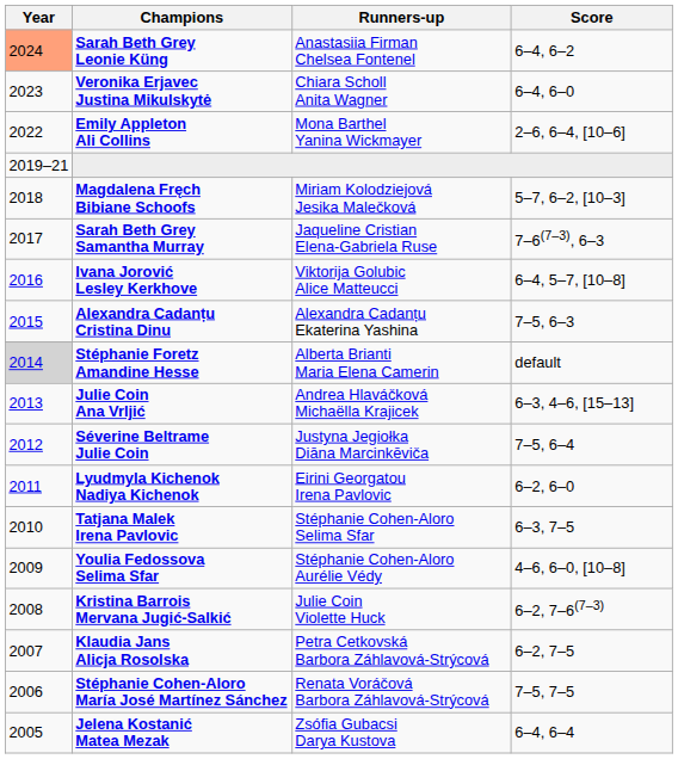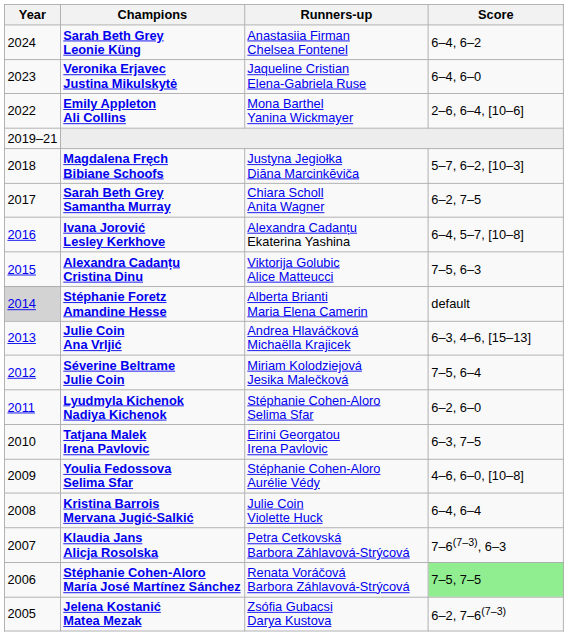 <table class="wikitable" style="font-size:90%">
 <tr>
 <th>Year</th>
 <th width="200">Champions</th>
 <th width="200">Runners-up</th>
 <th width="145">Score</th>
 </tr>
 <tr>
-<td style="background: lightsalmon;">2024</td>
+<td>2024</td>
 <td><strong> <a href='#'>Sarah Beth Grey</a> <br>  <a href='#'>Leonie Küng</a></strong></td>
 <td> <a href='#'>Anastasiia Firman</a><br>  <a href='#'>Chelsea Fontenel</a></td>
 <td>6–4, 6–2</td>
 </tr>
 <tr>
 <td>2023</td>
 <td><strong> <a href='#'>Veronika Erjavec</a> <br>  <a href='#'>Justina Mikulskytė</a></strong></td>
-<td> <a href='#'>Chiara Scholl</a><br>  <a href='#'>Anita Wagner</a></td>
+<td> <a href='#'>Jaqueline Cristian</a> <br>  <a href='#'>Elena-Gabriela Ruse</a></td>
 <td>6–4, 6–0</td>
 </tr>
 <tr>
 <td>2022</td>
 <td> <strong><a href='#'>Emily Appleton</a></strong> <br>  <strong><a href='#'>Ali Collins</a></strong></td>
 <td> <a href='#'>Mona Barthel</a> <br>  <a href='#'>Yanina Wickmayer</a></td>
 <td>2–6, 6–4, [10–6]</td>
 </tr>
 <tr>
 <td>2019–21</td>
 <td colspan=3 bgcolor="#ededed"></td>
 </tr>
 <tr>
 <td>2018</td>
 <td> <strong><a href='#'>Magdalena Fręch</a></strong> <br>  <strong><a href='#'>Bibiane Schoofs</a></strong></td>
-<td> <a href='#'>Miriam Kolodziejová</a> <br>  <a href='#'>Jesika Malečková</a></td>
+<td> <a href='#'>Justyna Jegiołka</a> <br>  <a href='#'>Diāna Marcinkēviča</a></td>
 <td>5–7, 6–2, [10–3]</td>
 </tr>
 <tr>
 <td>2017</td>
 <td> <strong><a href='#'>Sarah Beth Grey</a></strong> <br>  <strong><a href='#'>Samantha Murray</a></strong></td>
-<td> <a href='#'>Jaqueline Cristian</a> <br>  <a href='#'>Elena-Gabriela Ruse</a></td>
-<td>7–6<sup>(7–3)</sup>, 6–3</td>
+<td> <a href='#'>Chiara Scholl</a><br>  <a href='#'>Anita Wagner</a></td>
+<td>6–2, 7–5</td>
 </tr>
 <tr>
 <td><a href='#'>2016</a></td>
 <td> <strong><a href='#'>Ivana Jorović</a></strong> <br>  <strong><a href='#'>Lesley Kerkhove</a></strong></td>
-<td> <a href='#'>Viktorija Golubic</a> <br>  <a href='#'>Alice Matteucci</a></td>
+<td> <a href='#'>Alexandra Cadanțu</a> <br>  Ekaterina Yashina</td>
 <td>6–4, 5–7, [10–8]</td>
 </tr>
 <tr>
 <td><a href='#'>2015</a></td>
 <td> <strong><a href='#'>Alexandra Cadanțu</a></strong> <br>  <strong><a href='#'>Cristina Dinu</a></strong></td>
-<td> <a href='#'>Alexandra Cadanțu</a> <br>  Ekaterina Yashina</td>
+<td> <a href='#'>Viktorija Golubic</a> <br>  <a href='#'>Alice Matteucci</a></td>
 <td>7–5, 6–3</td>
 </tr>
 <tr>
 <td style="background: lightgrey;"><a href='#'>2014</a></td>
 <td> <strong><a href='#'>Stéphanie Foretz</a></strong> <br>  <strong><a href='#'>Amandine Hesse</a></strong></td>
 <td> <a href='#'>Alberta Brianti</a> <br>  <a href='#'>Maria Elena Camerin</a></td>
 <td>default</td>
 </tr>
 <tr>
 <td><a href='#'>2013</a></td>
 <td> <strong><a href='#'>Julie Coin</a></strong> <br>  <strong><a href='#'>Ana Vrljić</a></strong></td>
 <td> <a href='#'>Andrea Hlaváčková</a> <br>  <a href='#'>Michaëlla Krajicek</a></td>
 <td>6–3, 4–6, [15–13]</td>
 </tr>
 <tr>
 <td><a href='#'>2012</a></td>
 <td> <strong><a href='#'>Séverine Beltrame</a></strong> <br>  <strong><a href='#'>Julie Coin</a></strong></td>
-<td> <a href='#'>Justyna Jegiołka</a> <br>  <a href='#'>Diāna Marcinkēviča</a></td>
+<td> <a href='#'>Miriam Kolodziejová</a> <br>  <a href='#'>Jesika Malečková</a></td>
 <td>7–5, 6–4</td>
 </tr>
 <tr>
 <td><a href='#'>2011</a></td>
 <td> <strong><a href='#'>Lyudmyla Kichenok</a> <br>  <a href='#'>Nadiya Kichenok</a></strong></td>
-<td> <a href='#'>Eirini Georgatou</a> <br>  <a href='#'>Irena Pavlovic</a></td>
+<td> <a href='#'>Stéphanie Cohen-Aloro</a> <br>  <a href='#'>Selima Sfar</a></td>
 <td>6–2, 6–0</td>
 </tr>
 <tr>
 <td>2010</td>
 <td> <strong><a href='#'>Tatjana Malek</a> <br>  <a href='#'>Irena Pavlovic</a></strong></td>
-<td> <a href='#'>Stéphanie Cohen-Aloro</a> <br>  <a href='#'>Selima Sfar</a></td>
+<td> <a href='#'>Eirini Georgatou</a> <br>  <a href='#'>Irena Pavlovic</a></td>
 <td>6–3, 7–5</td>
 </tr>
 <tr>
 <td>2009</td>
 <td> <strong><a href='#'>Youlia Fedossova</a> <br>  <a href='#'>Selima Sfar</a></strong></td>
 <td> <a href='#'>Stéphanie Cohen-Aloro</a> <br>  <a href='#'>Aurélie Védy</a></td>
 <td>4–6, 6–0, [10–8]</td>
 </tr>
 <tr>
 <td>2008</td>
 <td> <strong><a href='#'>Kristina Barrois</a> <br>  <a href='#'>Mervana Jugić-Salkić</a></strong></td>
 <td> <a href='#'>Julie Coin</a> <br>  <a href='#'>Violette Huck</a></td>
-<td>6–2, 7–6<sup>(7–3)</sup></td>
+<td>6–4, 6–4</td>
 </tr>
 <tr>
 <td>2007</td>
 <td> <strong><a href='#'>Klaudia Jans</a> <br>  <a href='#'>Alicja Rosolska</a></strong></td>
 <td> <a href='#'>Petra Cetkovská</a> <br>  <a href='#'>Barbora Záhlavová-Strýcová</a></td>
-<td>6–2, 7–5</td>
+<td>7–6<sup>(7–3)</sup>, 6–3</td>
 </tr>
 <tr>
 <td>2006</td>
 <td> <strong><a href='#'>Stéphanie Cohen-Aloro</a> <br>  <a href='#'>María José Martínez Sánchez</a></strong></td>
 <td> <a href='#'>Renata Voráčová</a> <br>  <a href='#'>Barbora Záhlavová-Strýcová</a></td>
-<td>7–5, 7–5</td>
+<td style="background: lightgreen;">7–5, 7–5</td>
 </tr>
 <tr>
 <td>2005</td>
 <td> <strong><a href='#'>Jelena Kostanić</a> <br>  <a href='#'>Matea Mezak</a></strong></td>
 <td> <a href='#'>Zsófia Gubacsi</a> <br>  <a href='#'>Darya Kustova</a></td>
-<td>6–4, 6–4</td>
+<td>6–2, 7–6<sup>(7–3)</sup></td>
 </tr>
 </table>
